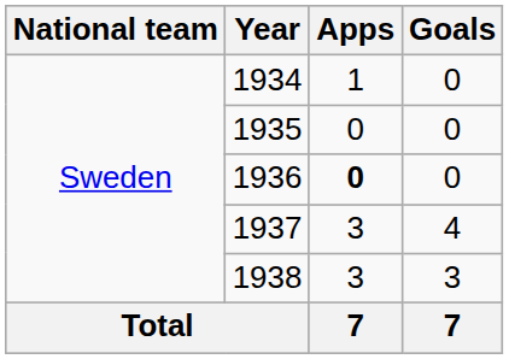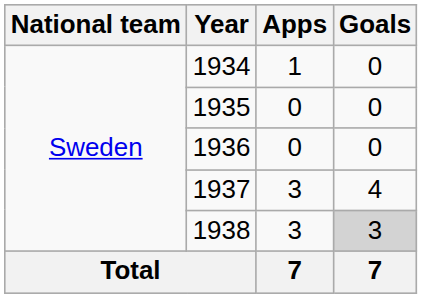 <table class="wikitable" style="text-align:center">
 <tr>
 <th>National team</th>
 <th>Year</th>
 <th>Apps</th>
 <th>Goals</th>
 </tr>
 <tr>
 <td rowspan="5"><a href='#'>Sweden</a></td>
 <td>1934</td>
 <td>1</td>
 <td>0</td>
 </tr>
 <tr>
 <td>1935</td>
 <td>0</td>
 <td>0</td>
 </tr>
 <tr>
 <td>1936</td>
-<td><strong>0</strong></td>
+<td>0</td>
 <td>0</td>
 </tr>
 <tr>
 <td>1937</td>
 <td>3</td>
 <td>4</td>
 </tr>
 <tr>
 <td>1938</td>
 <td>3</td>
-<td>3</td>
+<td style="background: lightgrey;">3</td>
 </tr>
 <tr>
 <th colspan="2">Total</th>
 <th>7</th>
 <th>7</th>
 </tr>
 </table>
